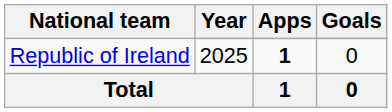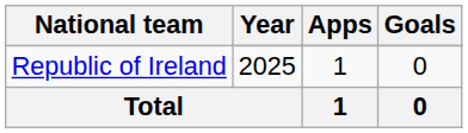 <table class=wikitable style=text-align:center>
 <tr>
 <th>National team</th>
 <th>Year</th>
 <th>Apps</th>
 <th>Goals</th>
 </tr>
 <tr>
 <td rowspan="2"><a href='#'>Republic of Ireland</a></td>
 </tr>
 <tr>
 <td>2025</td>
-<td><strong>1</strong></td>
+<td>1</td>
 <td>0</td>
 </tr>
 <tr>
 <th colspan="2">Total</th>
 <th>1</th>
 <th>0</th>
 </tr>
 </table>
